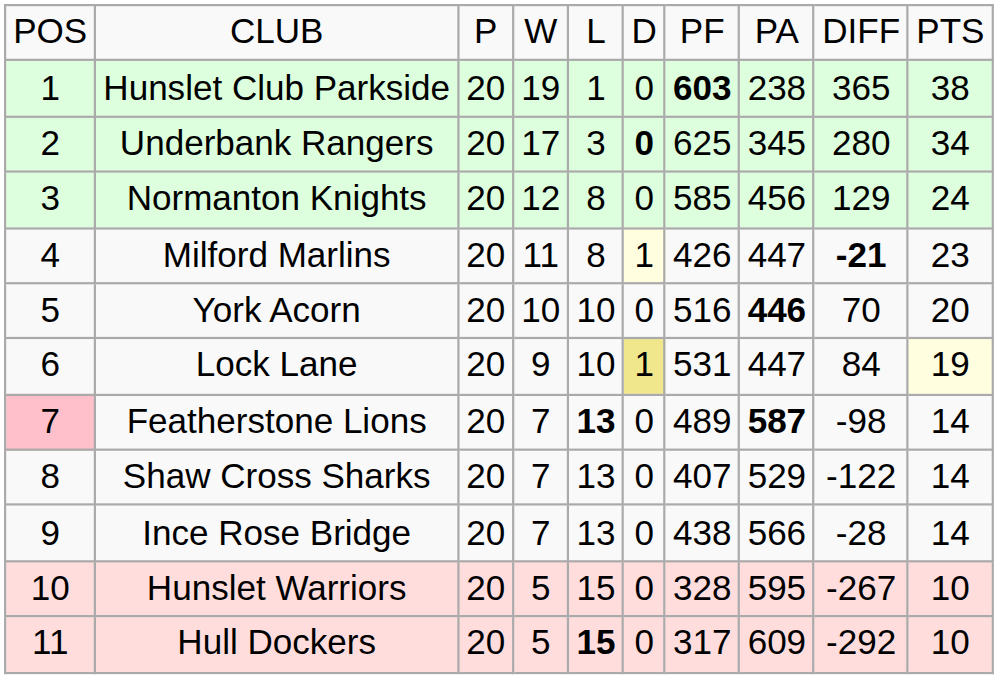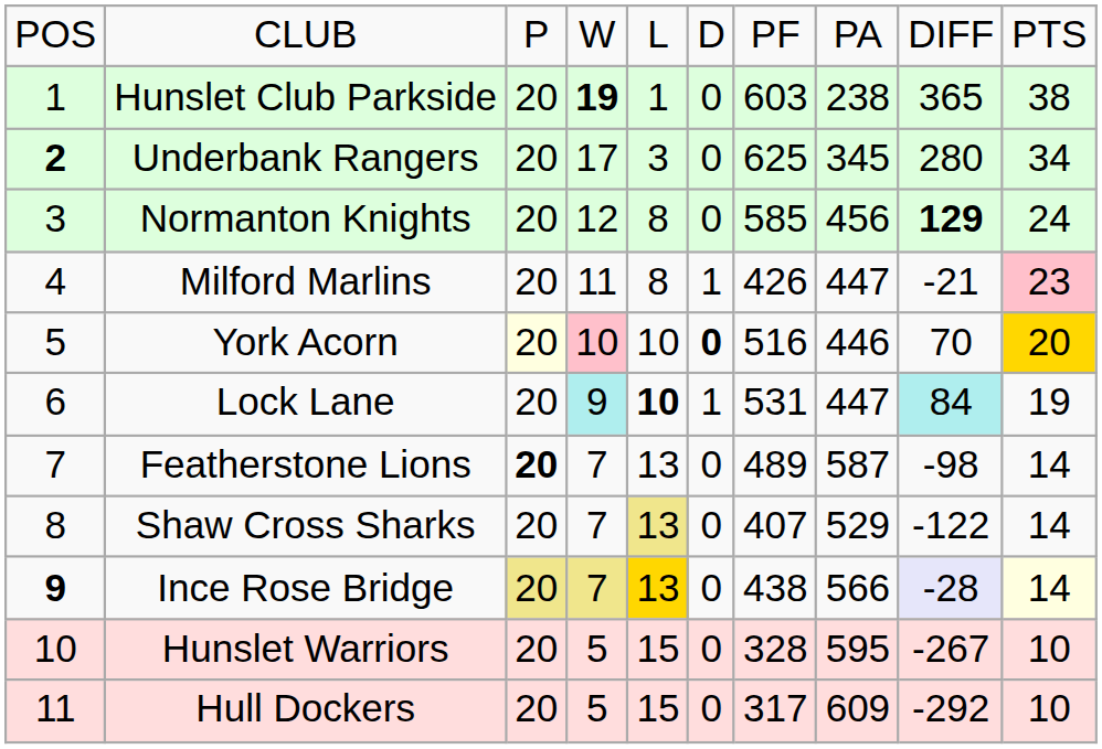 <table class="wikitable" style="text-align: center;">
 <tr>
 <td>POS</td>
 <td>CLUB</td>
 <td>P</td>
 <td>W</td>
 <td>L</td>
 <td>D</td>
 <td>PF</td>
 <td>PA</td>
 <td>DIFF</td>
 <td>PTS</td>
 </tr>
 <tr style="background:#ddffdd;">
 <td>1</td>
 <td>Hunslet Club Parkside</td>
 <td>20</td>
-<td>19</td>
+<td><strong>19</strong></td>
 <td>1</td>
 <td>0</td>
-<td><strong>603</strong></td>
+<td>603</td>
 <td>238</td>
 <td>365</td>
 <td>38</td>
 </tr>
 <tr style="background:#ddffdd;">
-<td>2</td>
+<td><strong>2</strong></td>
 <td>Underbank Rangers</td>
 <td>20</td>
 <td>17</td>
 <td>3</td>
-<td><strong>0</strong></td>
+<td>0</td>
 <td>625</td>
 <td>345</td>
 <td>280</td>
 <td>34</td>
 </tr>
 <tr style="background:#ddffdd;">
 <td>3</td>
 <td>Normanton Knights</td>
 <td>20</td>
 <td>12</td>
 <td>8</td>
 <td>0</td>
 <td>585</td>
 <td>456</td>
-<td>129</td>
+<td><strong>129</strong></td>
 <td>24</td>
 </tr>
 <tr>
 <td>4</td>
 <td>Milford Marlins</td>
 <td>20</td>
 <td>11</td>
 <td>8</td>
-<td style="background: lightyellow;">1</td>
+<td>1</td>
 <td>426</td>
 <td>447</td>
-<td><strong>-21</strong></td>
-<td>23</td>
+<td>-21</td>
+<td style="background: pink;">23</td>
 </tr>
 <tr>
 <td>5</td>
 <td>York Acorn</td>
-<td>20</td>
+<td style="background: lightyellow;">20</td>
+<td style="background: pink;">10</td>
 <td>10</td>
-<td>10</td>
-<td>0</td>
+<td><strong>0</strong></td>
 <td>516</td>
-<td><strong>446</strong></td>
+<td>446</td>
 <td>70</td>
-<td>20</td>
+<td style="background: gold;">20</td>
 </tr>
 <tr>
 <td>6</td>
 <td>Lock Lane</td>
 <td>20</td>
-<td>9</td>
-<td>10</td>
-<td style="background: khaki;">1</td>
+<td style="background: paleturquoise;">9</td>
+<td><strong>10</strong></td>
+<td>1</td>
 <td>531</td>
 <td>447</td>
-<td>84</td>
-<td style="background: lightyellow;">19</td>
+<td style="background: paleturquoise;">84</td>
+<td>19</td>
 </tr>
 <tr>
-<td style="background: pink;">7</td>
+<td>7</td>
 <td>Featherstone Lions</td>
-<td>20</td>
+<td><strong>20</strong></td>
 <td>7</td>
-<td><strong>13</strong></td>
+<td>13</td>
 <td>0</td>
 <td>489</td>
-<td><strong>587</strong></td>
+<td>587</td>
 <td>-98</td>
 <td>14</td>
 </tr>
 <tr>
 <td>8</td>
 <td>Shaw Cross Sharks</td>
 <td>20</td>
 <td>7</td>
-<td>13</td>
+<td style="background: khaki;">13</td>
 <td>0</td>
 <td>407</td>
 <td>529</td>
 <td>-122</td>
 <td>14</td>
 </tr>
 <tr>
-<td>9</td>
+<td><strong>9</strong></td>
 <td>Ince Rose Bridge</td>
-<td>20</td>
-<td>7</td>
-<td>13</td>
+<td style="background: khaki;">20</td>
+<td style="background: khaki;">7</td>
+<td style="background: gold;">13</td>
 <td>0</td>
 <td>438</td>
 <td>566</td>
-<td>-28</td>
-<td>14</td>
+<td style="background: lavender;">-28</td>
+<td style="background: lightyellow;">14</td>
 </tr>
 <tr style="background:#ffdddd;">
 <td>10</td>
 <td>Hunslet Warriors</td>
 <td>20</td>
 <td>5</td>
 <td>15</td>
 <td>0</td>
 <td>328</td>
 <td>595</td>
 <td>-267</td>
 <td>10</td>
 </tr>
 <tr style="background:#ffdddd;">
 <td>11</td>
 <td>Hull Dockers</td>
 <td>20</td>
 <td>5</td>
-<td><strong>15</strong></td>
+<td>15</td>
 <td>0</td>
 <td>317</td>
 <td>609</td>
 <td>-292</td>
 <td>10</td>
 </tr>
 </table>
